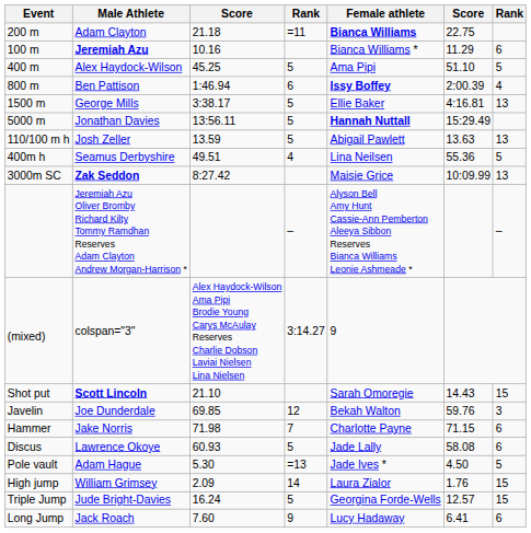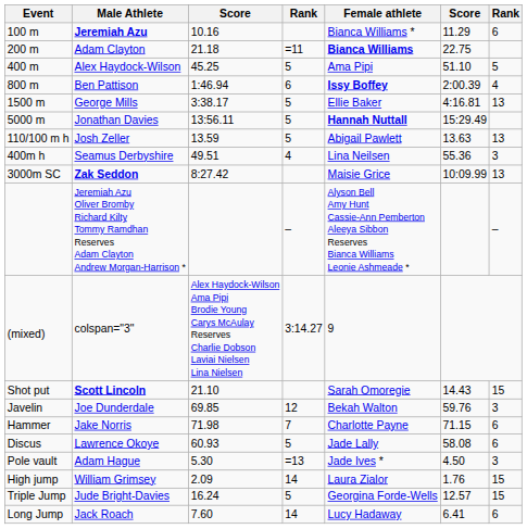 <table class="wikitable" style="text-align:left; font-size:90%">
 <tr>
 <th>Event</th>
 <th>Male Athlete</th>
 <th>Score</th>
 <th>Rank</th>
 <th>Female athlete</th>
 <th>Score</th>
 <th>Rank</th>
 </tr>
 <tr>
+<td align="left">100 m</td>
+<td><strong><a href='#'>Jeremiah Azu</a></strong></td>
+<td>10.16</td>
+<td></td>
+<td><a href='#'>Bianca Williams</a> *</td>
+<td>11.29</td>
+<td>6</td>
+</tr>
+<tr>
 <td>200 m</td>
 <td><a href='#'>Adam Clayton</a></td>
 <td>21.18</td>
 <td>=11</td>
 <td><strong><a href='#'>Bianca Williams</a></strong></td>
 <td>22.75</td>
 <td></td>
-</tr>
-<tr>
-<td align="left">100 m</td>
-<td><strong><a href='#'>Jeremiah Azu</a></strong></td>
-<td>10.16</td>
-<td></td>
-<td><a href='#'>Bianca Williams</a> *</td>
-<td>11.29</td>
-<td>6</td>
 </tr>
 <tr>
 <td>400 m</td>
 <td><a href='#'>Alex Haydock-Wilson</a></td>
 <td>45.25</td>
 <td>5</td>
 <td><a href='#'>Ama Pipi</a></td>
 <td>51.10</td>
 <td>5</td>
 </tr>
 <tr>
 <td>800 m</td>
 <td><a href='#'>Ben Pattison</a></td>
 <td>1:46.94</td>
 <td>6</td>
 <td><strong><a href='#'>Issy Boffey</a></strong></td>
 <td>2:00.39</td>
 <td>4</td>
 </tr>
 <tr>
 <td>1500 m</td>
 <td><a href='#'>George Mills</a></td>
 <td>3:38.17</td>
 <td>5</td>
 <td><a href='#'>Ellie Baker</a></td>
 <td>4:16.81</td>
 <td>13</td>
 </tr>
 <tr>
 <td>5000 m</td>
 <td><a href='#'>Jonathan Davies</a></td>
 <td>13:56.11</td>
 <td>5</td>
 <td><strong><a href='#'>Hannah Nuttall</a></strong></td>
 <td>15:29.49</td>
 <td></td>
 </tr>
 <tr>
 <td>110/100 m h</td>
 <td><a href='#'>Josh Zeller</a></td>
 <td>13.59</td>
 <td>5</td>
 <td><a href='#'>Abigail Pawlett</a></td>
 <td>13.63</td>
 <td>13</td>
 </tr>
 <tr>
 <td>400m h</td>
 <td><a href='#'>Seamus Derbyshire</a></td>
 <td>49.51</td>
 <td>4</td>
 <td><a href='#'>Lina Neilsen</a></td>
 <td>55.36</td>
-<td>5</td>
+<td>3</td>
 </tr>
 <tr>
 <td>3000m SC</td>
 <td><strong><a href='#'>Zak Seddon</a></strong></td>
 <td>8:27.42</td>
 <td></td>
 <td><a href='#'>Maisie Grice</a></td>
 <td>10:09.99</td>
 <td>13</td>
 </tr>
 <tr>
 <td></td>
 <td><small><a href='#'>Jeremiah Azu</a><br><a href='#'>Oliver Bromby</a><br><a href='#'>Richard Kilty</a><br><a href='#'>Tommy Ramdhan</a><br>Reserves<br><a href='#'>Adam Clayton</a><br><a href='#'>Andrew Morgan-Harrison</a> *</small></td>
 <td></td>
 <td>–</td>
 <td><small><a href='#'>Alyson Bell</a><br><a href='#'>Amy Hunt</a><br><a href='#'>Cassie-Ann Pemberton</a><br><a href='#'>Aleeya Sibbon</a><br>Reserves<br><a href='#'>Bianca Williams</a><br><a href='#'>Leonie Ashmeade</a> *</small></td>
 <td></td>
 <td>–</td>
 </tr>
 <tr>
 <td><br>(mixed)</td>
 <td>colspan="3" </td>
 <td><small><a href='#'>Alex Haydock-Wilson</a><br><a href='#'>Ama Pipi</a><br><a href='#'>Brodie Young</a><br><a href='#'>Carys McAulay</a><br>Reserves<br><a href='#'>Charlie Dobson</a><br><a href='#'>Laviai Nielsen</a><br><a href='#'>Lina Nielsen</a></small></td>
 <td>3:14.27</td>
 <td>9</td>
 </tr>
 <tr>
 <td>Shot put</td>
 <td><strong><a href='#'>Scott Lincoln</a></strong></td>
 <td>21.10</td>
 <td></td>
 <td><a href='#'>Sarah Omoregie</a></td>
 <td>14.43</td>
 <td>15</td>
 </tr>
 <tr>
 <td>Javelin</td>
 <td><a href='#'>Joe Dunderdale</a></td>
 <td>69.85</td>
 <td>12</td>
 <td><a href='#'>Bekah Walton</a></td>
 <td>59.76</td>
 <td>3</td>
 </tr>
 <tr>
 <td>Hammer</td>
 <td><a href='#'>Jake Norris</a></td>
 <td>71.98</td>
 <td>7</td>
 <td><a href='#'>Charlotte Payne</a></td>
 <td>71.15</td>
 <td>6</td>
 </tr>
 <tr>
 <td>Discus</td>
 <td><a href='#'>Lawrence Okoye</a></td>
 <td>60.93</td>
 <td>5</td>
 <td><a href='#'>Jade Lally</a></td>
 <td>58.08</td>
 <td>6</td>
 </tr>
 <tr>
 <td>Pole vault</td>
 <td><a href='#'>Adam Hague</a></td>
 <td>5.30</td>
 <td>=13</td>
 <td><a href='#'>Jade Ives</a> *</td>
 <td>4.50</td>
-<td>5</td>
+<td>3</td>
 </tr>
 <tr>
 <td>High jump</td>
 <td><a href='#'>William Grimsey</a></td>
 <td>2.09</td>
 <td>14</td>
 <td><a href='#'>Laura Zialor</a></td>
 <td>1.76</td>
 <td>15</td>
 </tr>
 <tr>
 <td>Triple Jump</td>
 <td><a href='#'>Jude Bright-Davies</a></td>
 <td>16.24</td>
 <td>5</td>
 <td><a href='#'>Georgina Forde-Wells</a></td>
 <td>12.57</td>
 <td>15</td>
 </tr>
 <tr>
 <td>Long Jump</td>
 <td><a href='#'>Jack Roach</a></td>
 <td>7.60</td>
-<td>9</td>
+<td>14</td>
 <td><a href='#'>Lucy Hadaway</a></td>
 <td>6.41</td>
 <td>6</td>
 </tr>
 </table>
